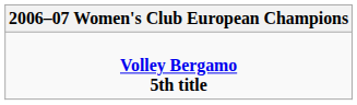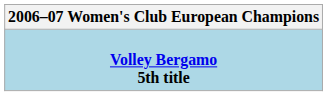 <table class=wikitable style="text-align:center; margin:auto">
 <tr>
 <th>2006–07 Women's Club European Champions</th>
 </tr>
 <tr>
-<td><br><strong><a href='#'>Volley Bergamo</a></strong><br><strong>5th title</strong></td>
+<td style="background: lightblue;"><br><strong><a href='#'>Volley Bergamo</a></strong><br><strong>5th title</strong></td>
 </tr>
 </table>
